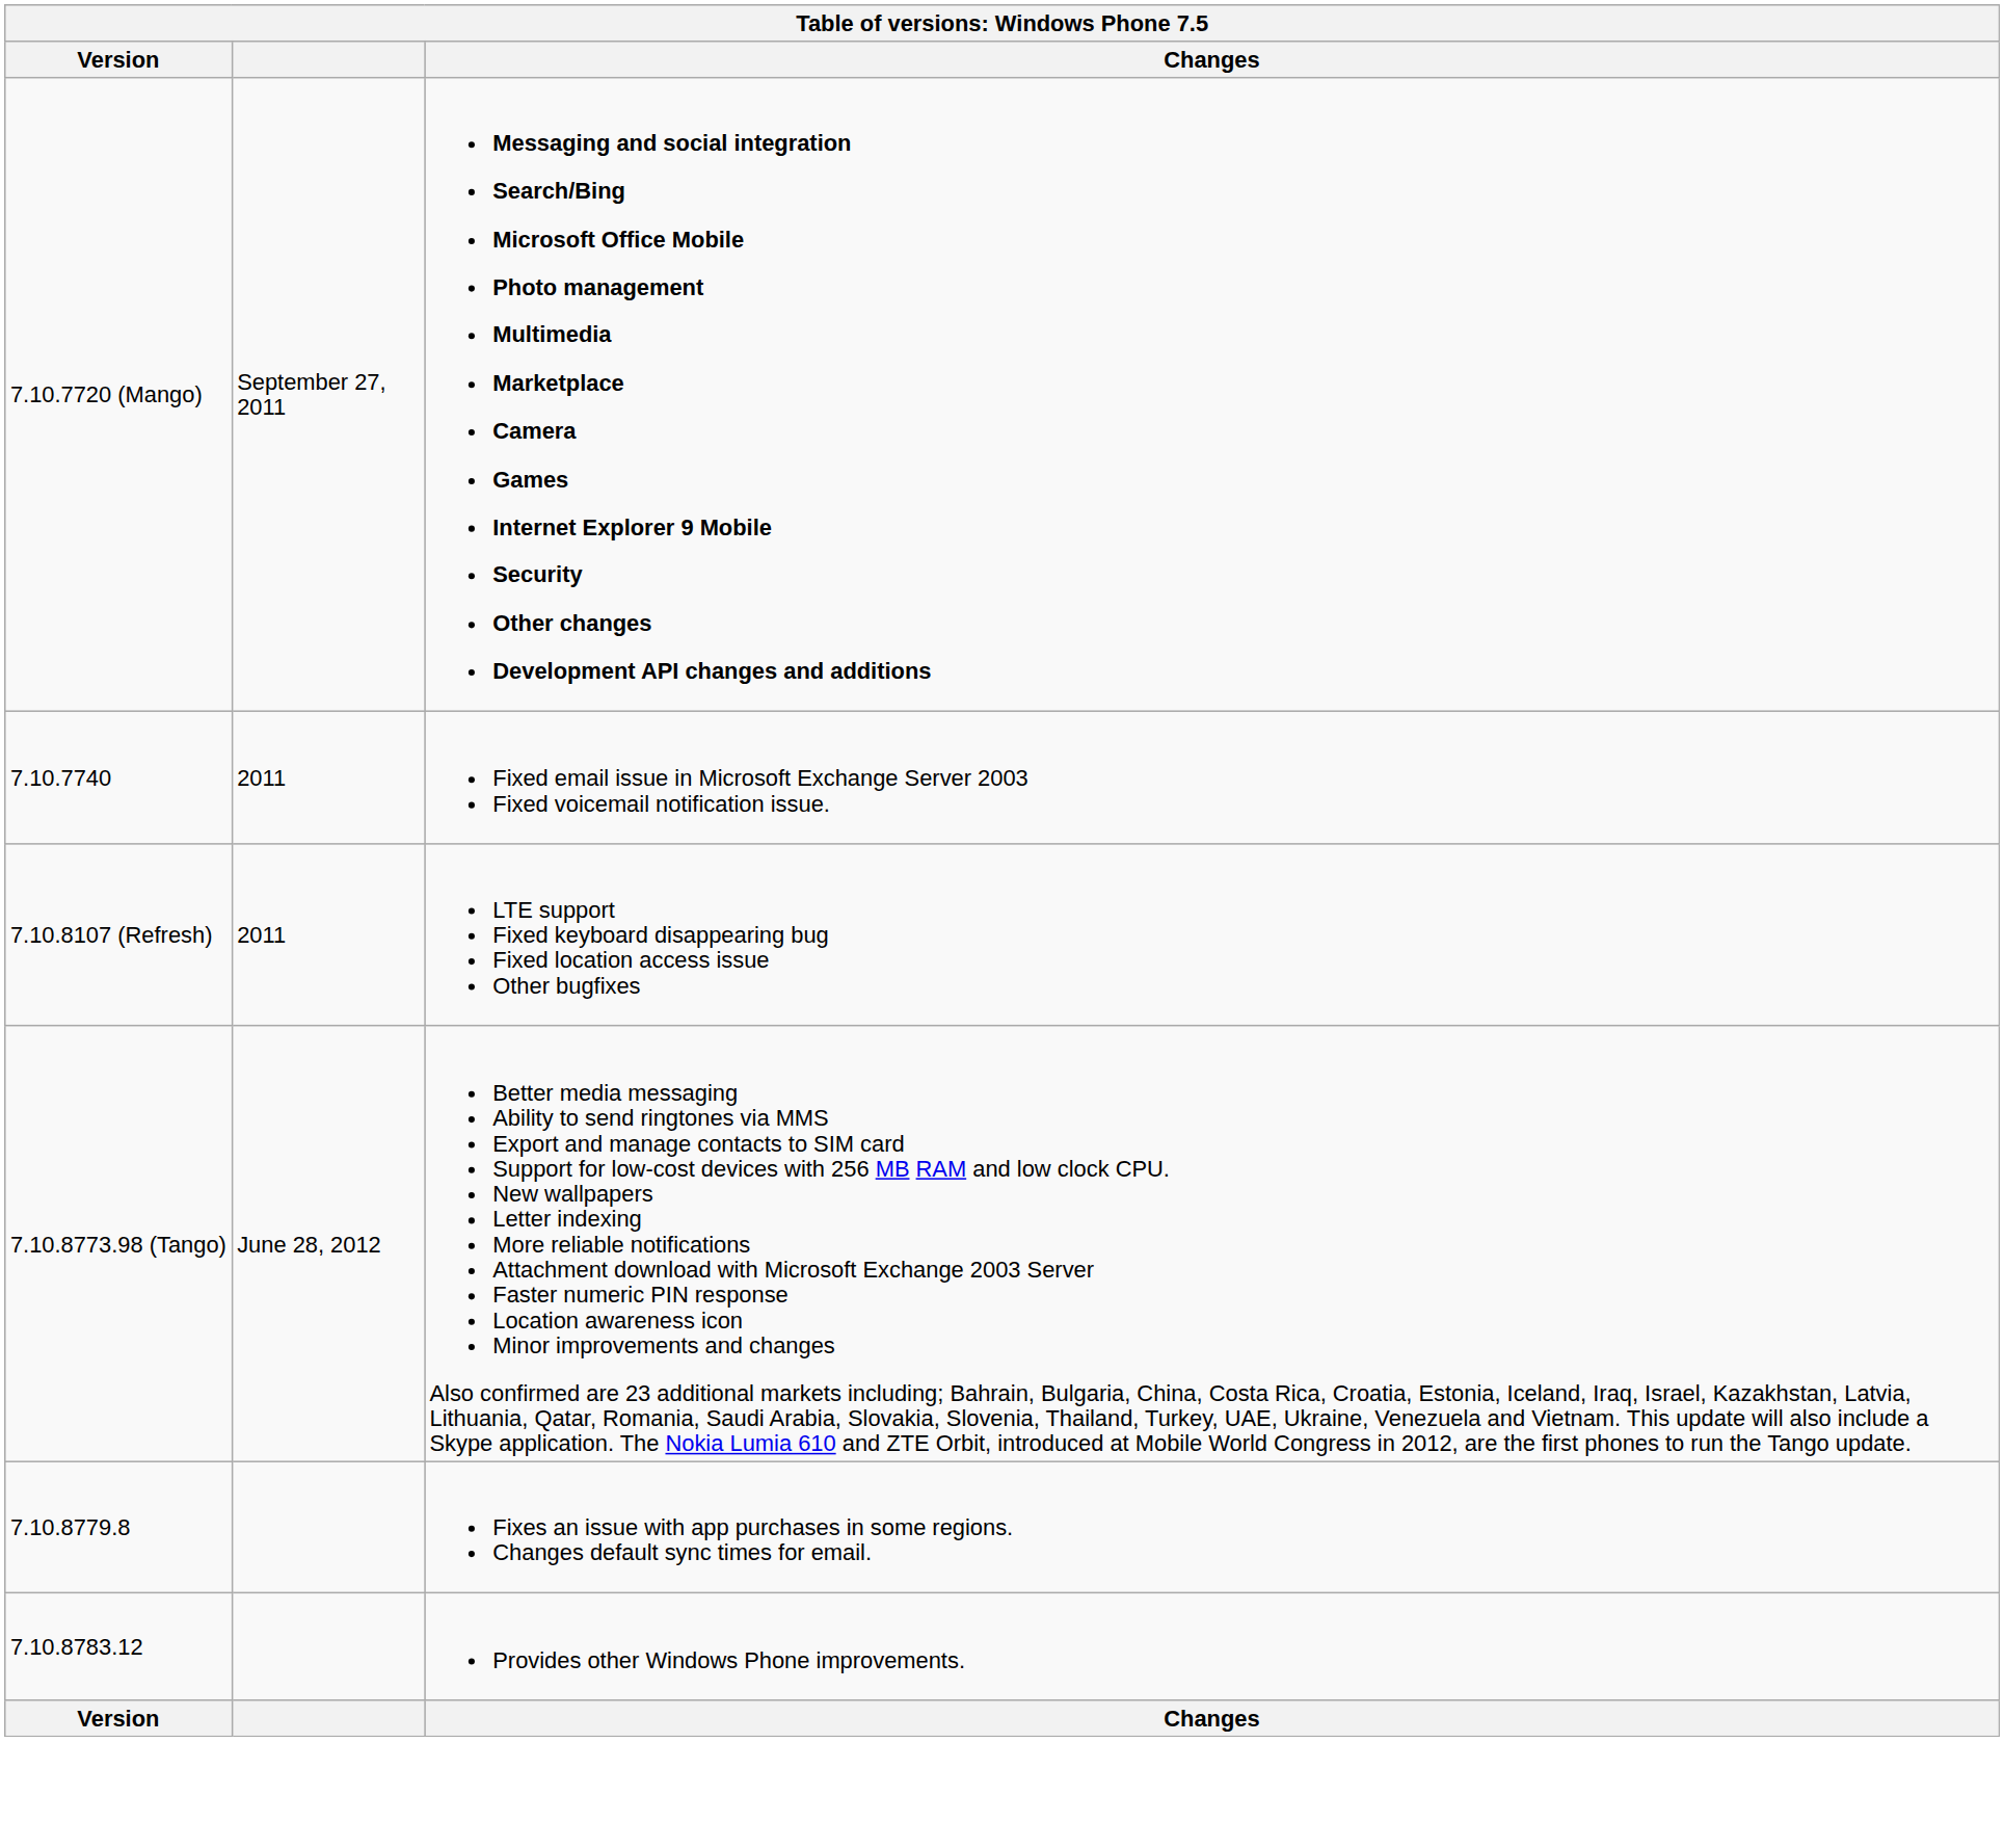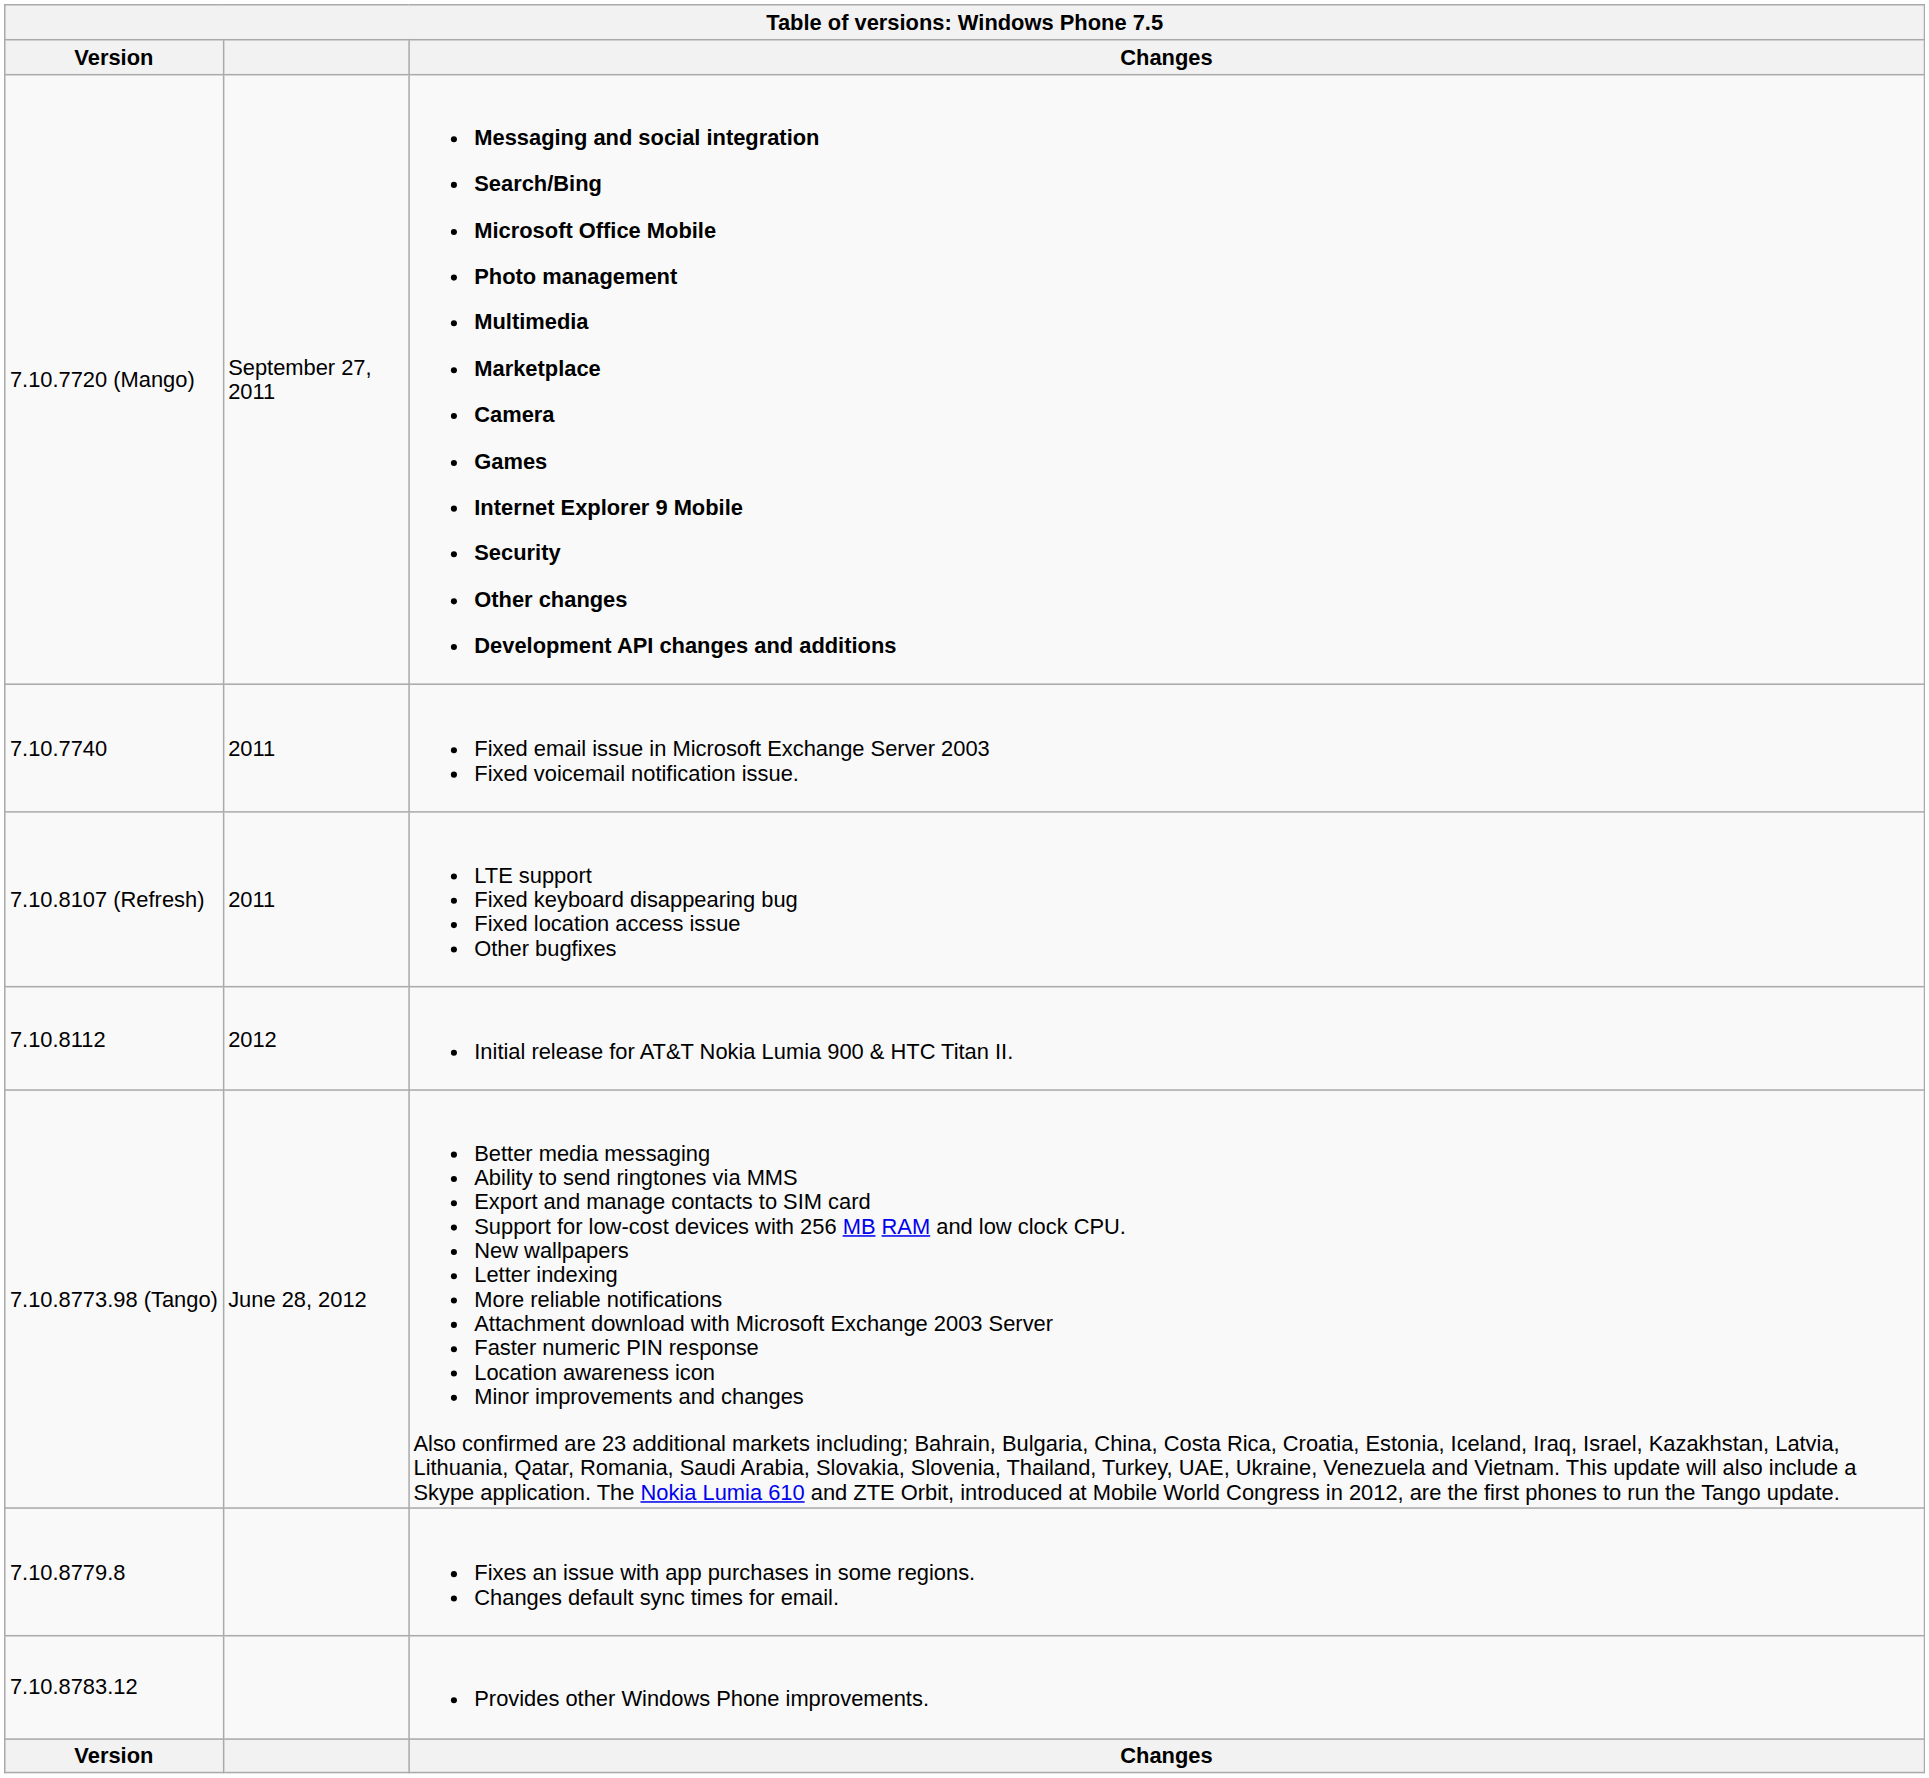 <table class="wikitable collapsible collapsed"  style="width:100%; font-size:90%;">
 <tr>
 <th colspan="3">Table of versions: Windows Phone 7.5</th>
 </tr>
 <tr>
 <th style="width:8em;">Version</th>
 <th style="width:8em;"></th>
 <th>Changes</th>
 </tr>
 <tr>
 <td style="white-space:nowrap;">7.10.7720 (Mango)</td>
 <td>September 27, 2011</td>
 <td><br><ul><li><strong>Messaging and social integration</strong></li></ul><ul><li><strong>Search/Bing</strong></li></ul><ul><li><strong>Microsoft Office Mobile</strong></li></ul><ul><li><strong>Photo management</strong></li></ul><ul><li><strong>Multimedia</strong></li></ul><ul><li><strong>Marketplace</strong></li></ul><ul><li><strong>Camera</strong></li></ul><ul><li><strong>Games</strong></li></ul><ul><li><strong>Internet Explorer 9 Mobile</strong></li></ul><ul><li><strong>Security</strong></li></ul><ul><li><strong>Other changes</strong></li></ul><ul><li><strong>Development API changes and additions</strong></li></ul></td>
 </tr>
 <tr>
 <td style="white-space:nowrap;">7.10.7740</td>
 <td>2011</td>
 <td><br><ul><li>Fixed email issue in Microsoft Exchange Server 2003</li><li>Fixed voicemail notification issue.</li></ul></td>
 </tr>
 <tr>
 <td style="white-space:nowrap;">7.10.8107 (Refresh)</td>
 <td>2011</td>
 <td><br><ul><li>LTE support</li><li>Fixed keyboard disappearing bug</li><li>Fixed location access issue</li><li>Other bugfixes</li></ul></td>
 </tr>
 <tr>
+<td style="white-space:nowrap;">7.10.8112</td>
+<td>2012</td>
+<td><br><ul><li>Initial release for AT&T Nokia Lumia 900 & HTC Titan II.</li></ul></td>
+</tr>
+<tr>
 <td style="white-space:nowrap;">7.10.8773.98 (Tango)</td>
 <td>June 28, 2012</td>
 <td><br><ul><li>Better media messaging</li><li>Ability to send ringtones via MMS</li><li>Export and manage contacts to SIM card</li><li>Support for low-cost devices with 256 <a href='#'>MB</a> <a href='#'>RAM</a> and low clock CPU.</li><li>New wallpapers</li><li>Letter indexing</li><li>More reliable notifications</li><li>Attachment download with Microsoft Exchange 2003 Server</li><li>Faster numeric PIN response</li><li>Location awareness icon</li><li>Minor improvements and changes</li></ul>Also confirmed are 23 additional markets including; Bahrain, Bulgaria, China, Costa Rica, Croatia, Estonia, Iceland, Iraq, Israel, Kazakhstan, Latvia, Lithuania, Qatar, Romania, Saudi Arabia, Slovakia, Slovenia, Thailand, Turkey, UAE, Ukraine, Venezuela and Vietnam. This update will also include a Skype application. The <a href='#'>Nokia Lumia 610</a> and ZTE Orbit, introduced at Mobile World Congress in 2012, are the first phones to run the Tango update.</td>
 </tr>
 <tr>
 <td style="white-space:nowrap;">7.10.8779.8</td>
 <td></td>
 <td><br><ul><li>Fixes an issue with app purchases in some regions.</li><li>Changes default sync times for email.</li></ul></td>
 </tr>
 <tr>
 <td style="white-space:nowrap;">7.10.8783.12</td>
 <td></td>
 <td><br><ul><li>Provides other Windows Phone improvements.</li></ul></td>
 </tr>
 <tr class="sortbottom">
 <th style="width:8em;">Version</th>
 <th style="width:8em;"></th>
 <th>Changes</th>
 </tr>
 </table>
